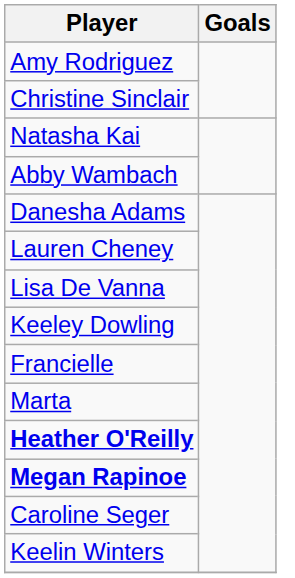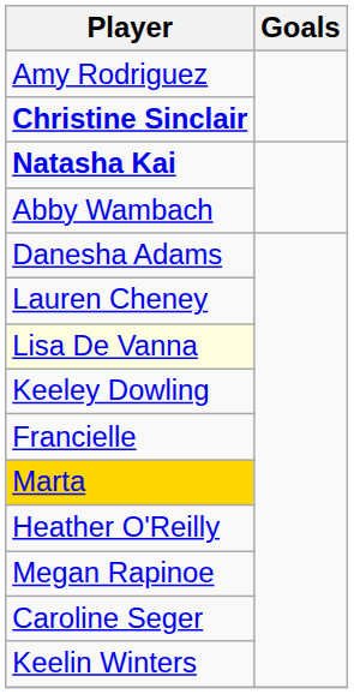 <table class="wikitable">
 <tr>
 <th scope="col">Player</th>
 <th scope="col">Goals</th>
 </tr>
 <tr>
 <td> <a href='#'>Amy Rodriguez</a></td>
 <td rowspan=2></td>
 </tr>
 <tr>
-<td> <a href='#'>Christine Sinclair</a></td>
+<td><strong> <a href='#'>Christine Sinclair</a></strong></td>
 </tr>
 <tr>
-<td> <a href='#'>Natasha Kai</a></td>
+<td><strong> <a href='#'>Natasha Kai</a></strong></td>
 <td rowspan=2></td>
 </tr>
 <tr>
 <td> <a href='#'>Abby Wambach</a></td>
 </tr>
 <tr>
 <td> <a href='#'>Danesha Adams</a></td>
 <td rowspan=10></td>
 </tr>
 <tr>
 <td> <a href='#'>Lauren Cheney</a></td>
 </tr>
 <tr>
-<td> <a href='#'>Lisa De Vanna</a></td>
+<td style="background: lightyellow;"> <a href='#'>Lisa De Vanna</a></td>
 </tr>
 <tr>
 <td> <a href='#'>Keeley Dowling</a></td>
 </tr>
 <tr>
 <td> <a href='#'>Francielle</a></td>
 </tr>
 <tr>
-<td> <a href='#'>Marta</a></td>
+<td style="background: gold;"> <a href='#'>Marta</a></td>
 </tr>
 <tr>
-<td><strong> <a href='#'>Heather O'Reilly</a></strong></td>
+<td> <a href='#'>Heather O'Reilly</a></td>
 </tr>
 <tr>
-<td><strong> <a href='#'>Megan Rapinoe</a></strong></td>
+<td> <a href='#'>Megan Rapinoe</a></td>
 </tr>
 <tr>
 <td> <a href='#'>Caroline Seger</a></td>
 </tr>
 <tr>
 <td> <a href='#'>Keelin Winters</a></td>
 </tr>
 <tr>
 </tr>
 </table>
